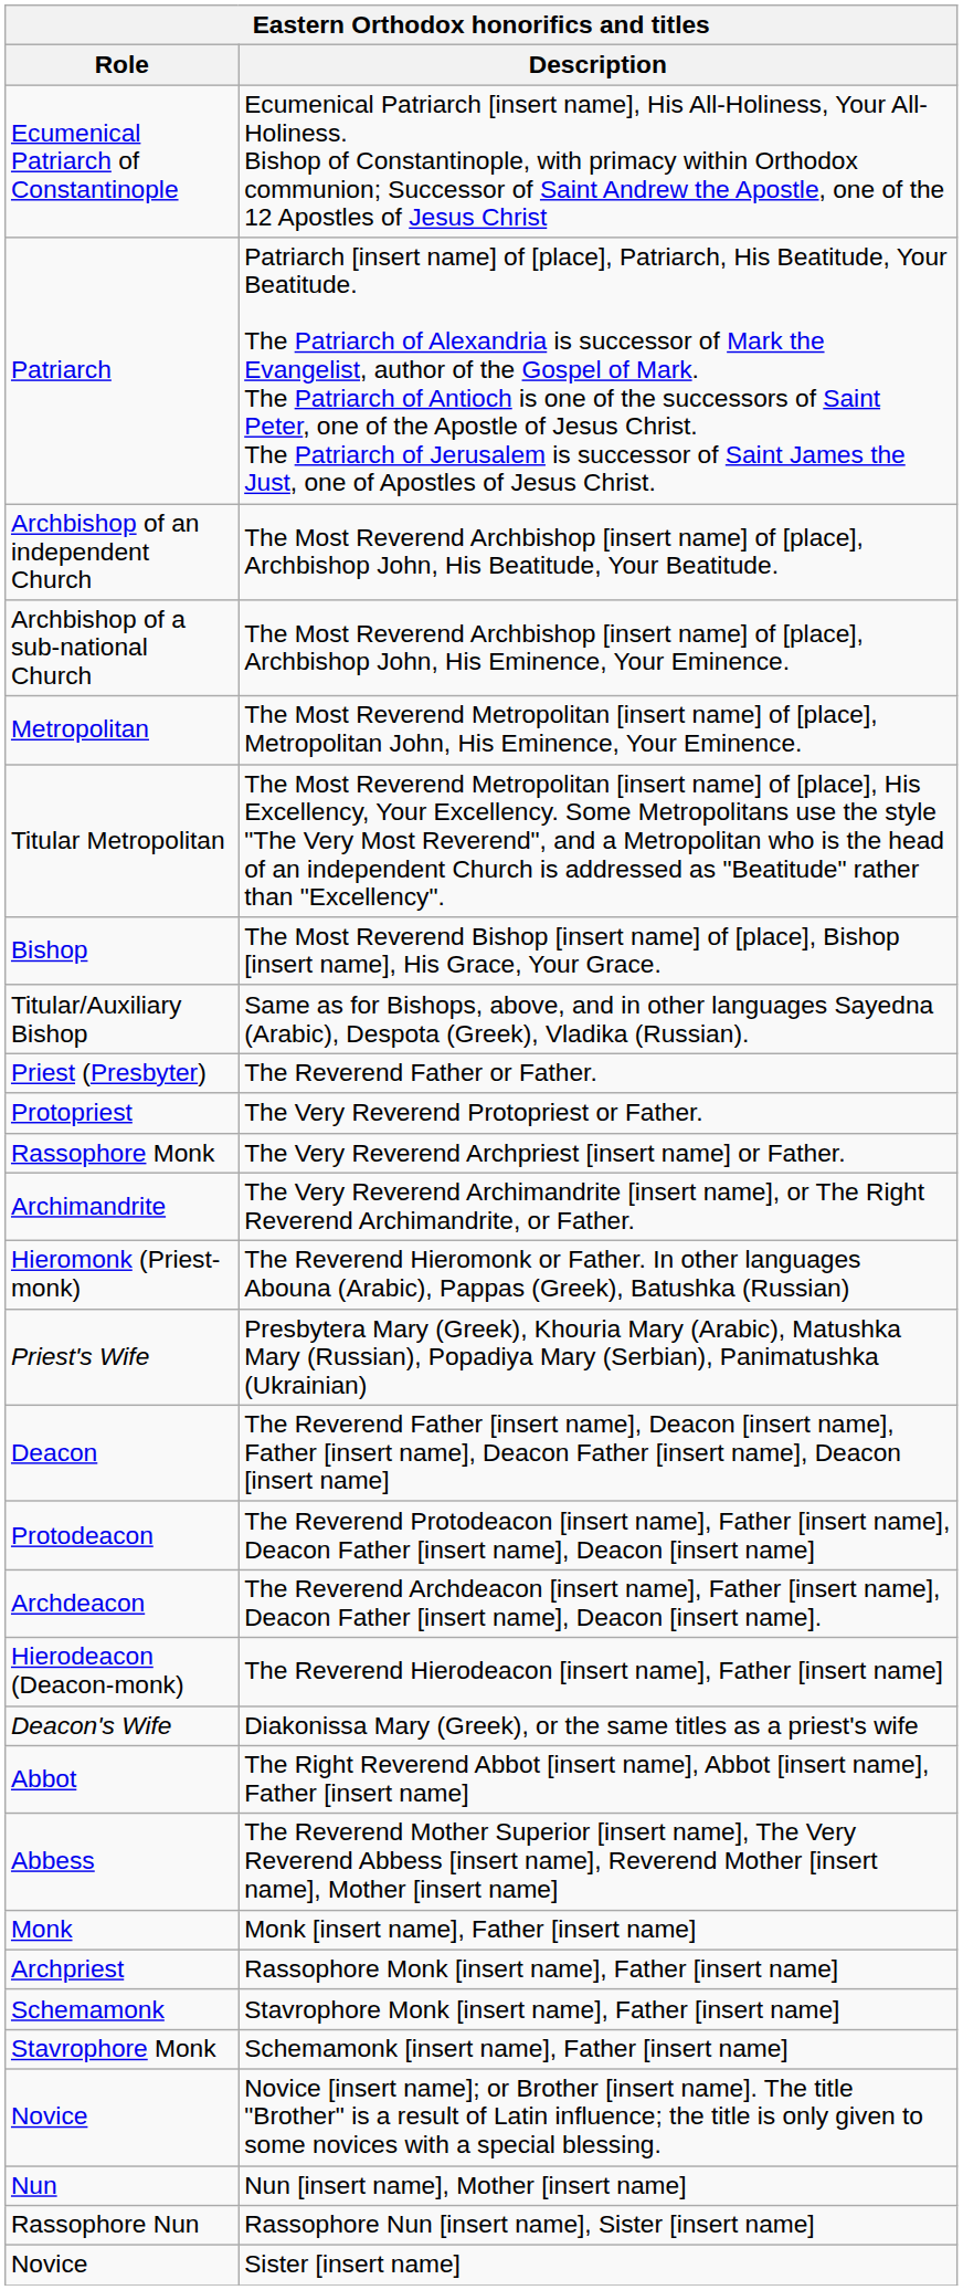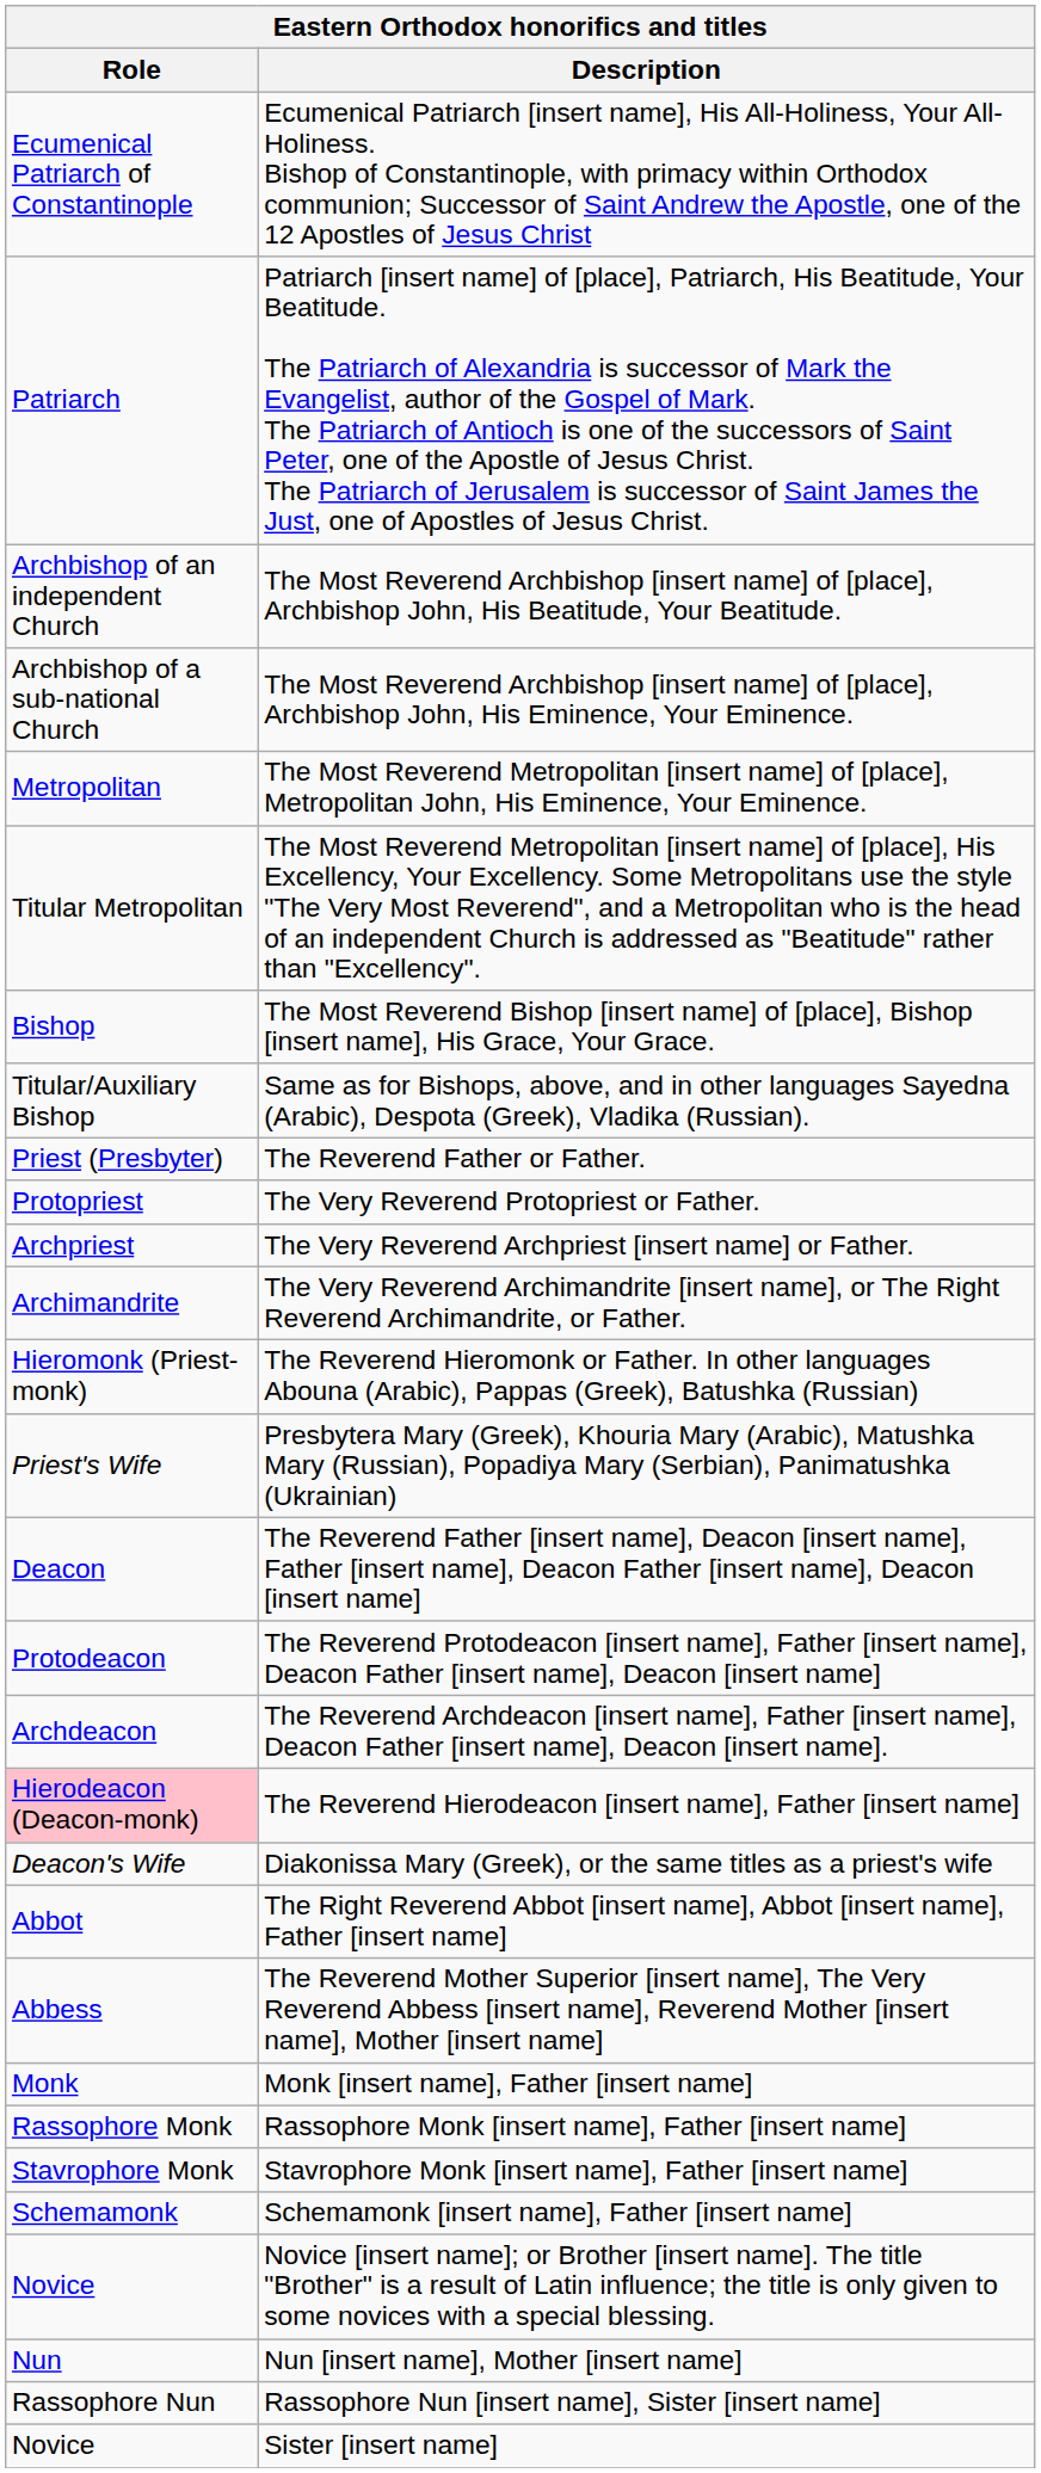 <table class="wikitable">
 <tr>
 <th style="text-align:center;" colspan="6"><strong>Eastern Orthodox honorifics and titles</strong></th>
 </tr>
 <tr>
 <th scope="col">Role</th>
 <th scope="col">Description</th>
 </tr>
 <tr>
 <td><a href='#'>Ecumenical Patriarch</a> of <a href='#'>Constantinople</a></td>
 <td>Ecumenical Patriarch [insert name], His All-Holiness, Your All-Holiness.<br>Bishop of Constantinople, with primacy within Orthodox communion; Successor of <a href='#'>Saint Andrew the Apostle</a>, one of the 12 Apostles of <a href='#'>Jesus Christ</a></td>
 </tr>
 <tr>
 <td><a href='#'>Patriarch</a></td>
 <td>Patriarch [insert name] of [place], Patriarch, His Beatitude, Your Beatitude.<br><br>The <a href='#'>Patriarch of Alexandria</a> is successor of <a href='#'>Mark the Evangelist</a>, author of the <a href='#'>Gospel of Mark</a>.<br> The <a href='#'>Patriarch of Antioch</a> is one of the successors of <a href='#'>Saint Peter</a>, one of the Apostle of Jesus Christ.<br> The <a href='#'>Patriarch of Jerusalem</a> is successor of <a href='#'>Saint James the Just</a>, one of Apostles of Jesus Christ.</td>
 </tr>
 <tr>
 <td><a href='#'>Archbishop</a> of an independent Church</td>
 <td>The Most Reverend Archbishop [insert name] of [place], Archbishop John, His Beatitude, Your Beatitude.</td>
 </tr>
 <tr>
 <td>Archbishop of a sub-national Church</td>
 <td>The Most Reverend Archbishop [insert name] of [place], Archbishop John, His Eminence, Your Eminence.</td>
 </tr>
 <tr>
 <td><a href='#'>Metropolitan</a></td>
 <td>The Most Reverend Metropolitan [insert name] of [place], Metropolitan John, His Eminence, Your Eminence.</td>
 </tr>
 <tr>
 <td>Titular Metropolitan</td>
 <td>The Most Reverend Metropolitan [insert name] of [place], His Excellency, Your Excellency. Some Metropolitans use the style "The Very Most Reverend", and a Metropolitan who is the head of an independent Church is addressed as "Beatitude" rather than "Excellency".</td>
 </tr>
 <tr>
 <td><a href='#'>Bishop</a></td>
 <td>The Most Reverend Bishop [insert name] of [place], Bishop [insert name], His Grace, Your Grace.</td>
 </tr>
 <tr>
 <td>Titular/Auxiliary Bishop</td>
 <td>Same as for Bishops, above, and in other languages Sayedna (Arabic), Despota (Greek), Vladika (Russian).</td>
 </tr>
 <tr>
 <td><a href='#'>Priest</a> (<a href='#'>Presbyter</a>)</td>
 <td>The Reverend Father or Father.</td>
 </tr>
 <tr>
 <td><a href='#'>Protopriest</a></td>
 <td>The Very Reverend Protopriest or Father.</td>
 </tr>
 <tr>
-<td><a href='#'>Rassophore</a> Monk</td>
+<td><a href='#'>Archpriest</a></td>
 <td>The Very Reverend Archpriest [insert name] or Father.</td>
 </tr>
 <tr>
 <td><a href='#'>Archimandrite</a></td>
 <td>The Very Reverend Archimandrite [insert name], or The Right Reverend Archimandrite, or Father.</td>
 </tr>
 <tr>
 <td><a href='#'>Hieromonk</a> (Priest-monk)</td>
 <td>The Reverend Hieromonk or Father. In other languages Abouna (Arabic), Pappas (Greek), Batushka (Russian)</td>
 </tr>
 <tr>
 <td><em>Priest's Wife</em></td>
 <td>Presbytera Mary (Greek), Khouria Mary (Arabic), Matushka Mary (Russian), Popadiya Mary (Serbian), Panimatushka (Ukrainian)</td>
 </tr>
 <tr>
 <td><a href='#'>Deacon</a></td>
 <td>The Reverend Father [insert name], Deacon [insert name], Father [insert name], Deacon Father [insert name], Deacon [insert name]</td>
 </tr>
 <tr>
 <td><a href='#'>Protodeacon</a></td>
 <td>The Reverend Protodeacon [insert name], Father [insert name], Deacon Father [insert name], Deacon [insert name]</td>
 </tr>
 <tr>
 <td><a href='#'>Archdeacon</a></td>
 <td>The Reverend Archdeacon [insert name], Father [insert name], Deacon Father [insert name], Deacon [insert name].</td>
 </tr>
 <tr>
-<td><a href='#'>Hierodeacon</a> (Deacon-monk)</td>
+<td style="background: pink;"><a href='#'>Hierodeacon</a> (Deacon-monk)</td>
 <td>The Reverend Hierodeacon [insert name], Father [insert name]</td>
 </tr>
 <tr>
 <td><em>Deacon's Wife</em></td>
 <td>Diakonissa Mary (Greek), or the same titles as a priest's wife</td>
 </tr>
 <tr>
 <td><a href='#'>Abbot</a></td>
 <td>The Right Reverend Abbot [insert name], Abbot [insert name], Father [insert name]</td>
 </tr>
 <tr>
 <td><a href='#'>Abbess</a></td>
 <td>The Reverend Mother Superior [insert name], The Very Reverend Abbess [insert name], Reverend Mother [insert name], Mother [insert name]</td>
 </tr>
 <tr>
 <td><a href='#'>Monk</a></td>
 <td>Monk [insert name], Father [insert name]</td>
 </tr>
 <tr>
-<td><a href='#'>Archpriest</a></td>
+<td><a href='#'>Rassophore</a> Monk</td>
 <td>Rassophore Monk [insert name], Father [insert name]</td>
 </tr>
 <tr>
-<td><a href='#'>Schemamonk</a></td>
+<td><a href='#'>Stavrophore</a> Monk</td>
 <td>Stavrophore Monk [insert name], Father [insert name]</td>
 </tr>
 <tr>
-<td><a href='#'>Stavrophore</a> Monk</td>
+<td><a href='#'>Schemamonk</a></td>
 <td>Schemamonk [insert name], Father [insert name]</td>
 </tr>
 <tr>
 <td><a href='#'>Novice</a></td>
 <td>Novice [insert name]; or Brother [insert name]. The title "Brother" is a result of Latin influence; the title is only given to some novices with a special blessing.</td>
 </tr>
 <tr>
 <td><a href='#'>Nun</a></td>
 <td>Nun [insert name], Mother [insert name]</td>
 </tr>
 <tr>
 <td>Rassophore Nun</td>
 <td>Rassophore Nun [insert name], Sister [insert name]</td>
 </tr>
 <tr>
 <td>Novice</td>
 <td>Sister [insert name]</td>
 </tr>
 </table>
